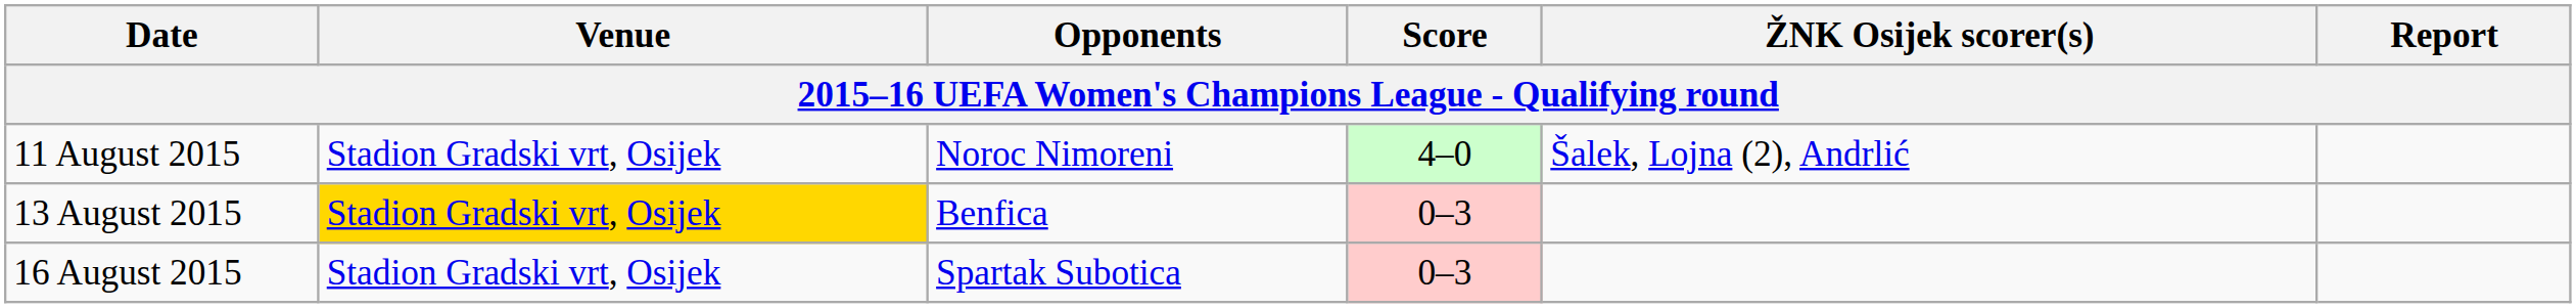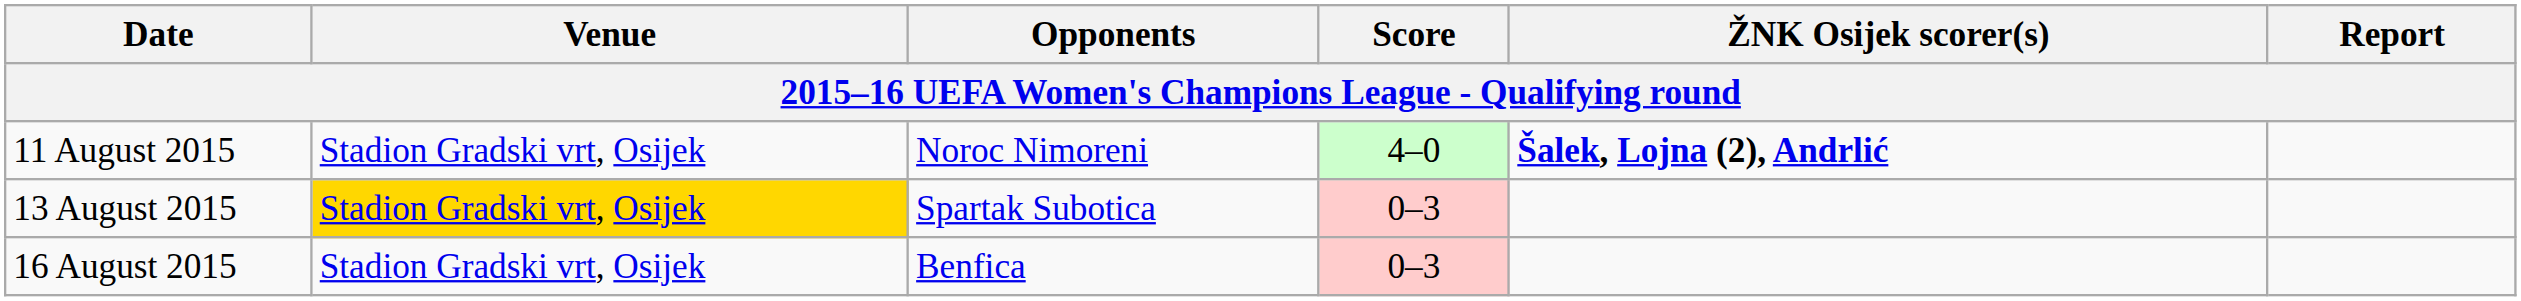 <table class="wikitable" style="font-size:95%;">
 <tr>
 <th width=125>Date</th>
 <th width=250>Venue</th>
 <th width=170>Opponents</th>
 <th width= 75>Score</th>
 <th width=320>ŽNK Osijek scorer(s)</th>
 <th width=100>Report</th>
 </tr>
 <tr>
 <th colspan=7><a href='#'>2015–16 UEFA Women's Champions League - Qualifying round</a></th>
 </tr>
 <tr>
 <td>11 August 2015</td>
 <td><a href='#'>Stadion Gradski vrt</a>, <a href='#'>Osijek</a></td>
 <td> <a href='#'>Noroc Nimoreni</a></td>
 <td align=center bgcolor=#CCFFCC>4–0</td>
-<td><a href='#'>Šalek</a>, <a href='#'>Lojna</a> (2), <a href='#'>Andrlić</a></td>
+<td><strong><a href='#'>Šalek</a>, <a href='#'>Lojna</a> (2), <a href='#'>Andrlić</a></strong></td>
 <td></td>
 </tr>
 <tr>
 <td>13 August 2015</td>
 <td style="background: gold;"><a href='#'>Stadion Gradski vrt</a>, <a href='#'>Osijek</a></td>
-<td> <a href='#'>Benfica</a></td>
+<td> <a href='#'>Spartak Subotica</a></td>
 <td align=center bgcolor=#FFCCCC>0–3</td>
 <td></td>
 <td></td>
 </tr>
 <tr>
 <td>16 August 2015</td>
 <td><a href='#'>Stadion Gradski vrt</a>, <a href='#'>Osijek</a></td>
-<td> <a href='#'>Spartak Subotica</a></td>
+<td> <a href='#'>Benfica</a></td>
 <td align=center bgcolor=#FFCCCC>0–3</td>
 <td></td>
 <td></td>
 </tr>
 </table>
